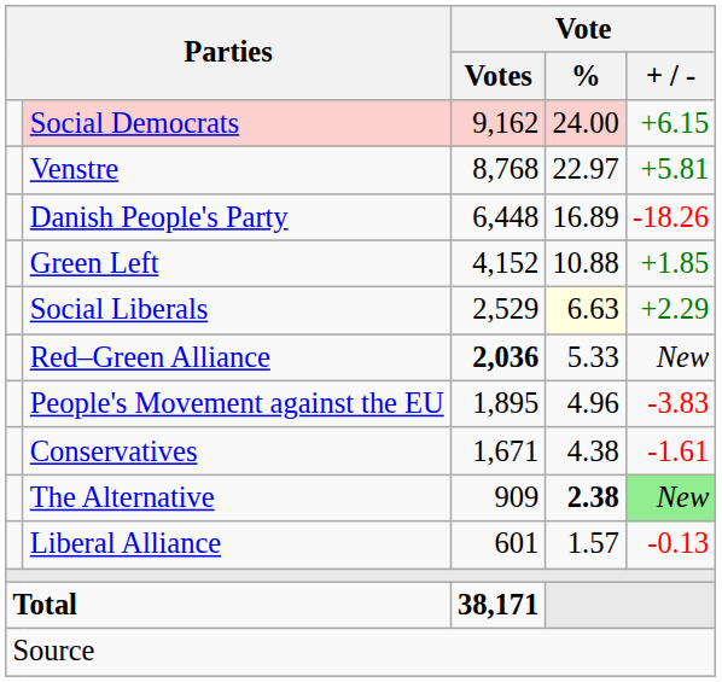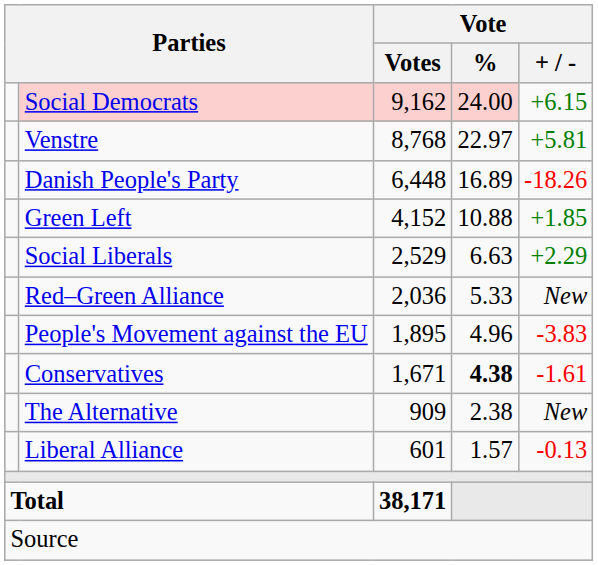 <table class="wikitable" style="text-align:right;">
 <tr>
 <th style="text-align:centre;" rowspan="2" colspan="2" width="225">Parties</th>
 <th colspan="3">Vote</th>
 </tr>
 <tr>
 <th width="15">Votes</th>
 <th width="15">%</th>
 <th width="15">+ / -</th>
 </tr>
 <tr>
 <td width="2" style="color:inherit;background:"></td>
 <td bgcolor=#fbd0ce   align="left"><a href='#'>Social Democrats</a></td>
 <td bgcolor=#fbd0ce>9,162</td>
 <td bgcolor=#fbd0ce>24.00</td>
 <td style=color:green;>+6.15</td>
 </tr>
 <tr>
 <td width="2" style="color:inherit;background:"></td>
 <td align="left"><a href='#'>Venstre</a></td>
 <td>8,768</td>
 <td>22.97</td>
 <td style=color:green;>+5.81</td>
 </tr>
 <tr>
 <td width="2" style="color:inherit;background:"></td>
 <td align="left"><a href='#'>Danish People's Party</a></td>
 <td>6,448</td>
 <td>16.89</td>
 <td style=color:red;>-18.26</td>
 </tr>
 <tr>
 <td width="2" style="color:inherit;background:"></td>
 <td align="left"><a href='#'>Green Left</a></td>
 <td>4,152</td>
 <td>10.88</td>
 <td style=color:green;>+1.85</td>
 </tr>
 <tr>
 <td width="2" style="color:inherit;background:"></td>
 <td align="left"><a href='#'>Social Liberals</a></td>
 <td>2,529</td>
-<td style="background: lightyellow;">6.63</td>
+<td>6.63</td>
 <td style=color:green;>+2.29</td>
 </tr>
 <tr>
 <td width="2" style="color:inherit;background:"></td>
 <td align="left"><a href='#'>Red–Green Alliance</a></td>
-<td><strong>2,036</strong></td>
+<td>2,036</td>
 <td>5.33</td>
 <td><em>New</em></td>
 </tr>
 <tr>
 <td width="2" style="color:inherit;background:"></td>
 <td align="left"><a href='#'>People's Movement against the EU</a></td>
 <td>1,895</td>
 <td>4.96</td>
 <td style=color:red;>-3.83</td>
 </tr>
 <tr>
 <td width="2" style="color:inherit;background:"></td>
 <td align="left"><a href='#'>Conservatives</a></td>
 <td>1,671</td>
-<td>4.38</td>
+<td><strong>4.38</strong></td>
 <td style=color:red;>-1.61</td>
 </tr>
 <tr>
 <td width="2" style="color:inherit;background:"></td>
 <td align="left"><a href='#'>The Alternative</a></td>
 <td>909</td>
-<td><strong>2.38</strong></td>
-<td style="background: lightgreen;"><em>New</em></td>
+<td>2.38</td>
+<td><em>New</em></td>
 </tr>
 <tr>
 <td width="2" style="color:inherit;background:"></td>
 <td align="left"><a href='#'>Liberal Alliance</a></td>
 <td>601</td>
 <td>1.57</td>
 <td style=color:red;>-0.13</td>
 </tr>
 <tr>
 <td colspan="7" bgcolor="#E9E9E9"></td>
 </tr>
 <tr>
 <td align="left" colspan="2"><strong>Total</strong></td>
 <td><strong>38,171</strong></td>
 <td bgcolor="#E9E9E9" colspan="2"></td>
 </tr>
 <tr>
 <td align="left" colspan="6">Source</td>
 </tr>
 </table>
